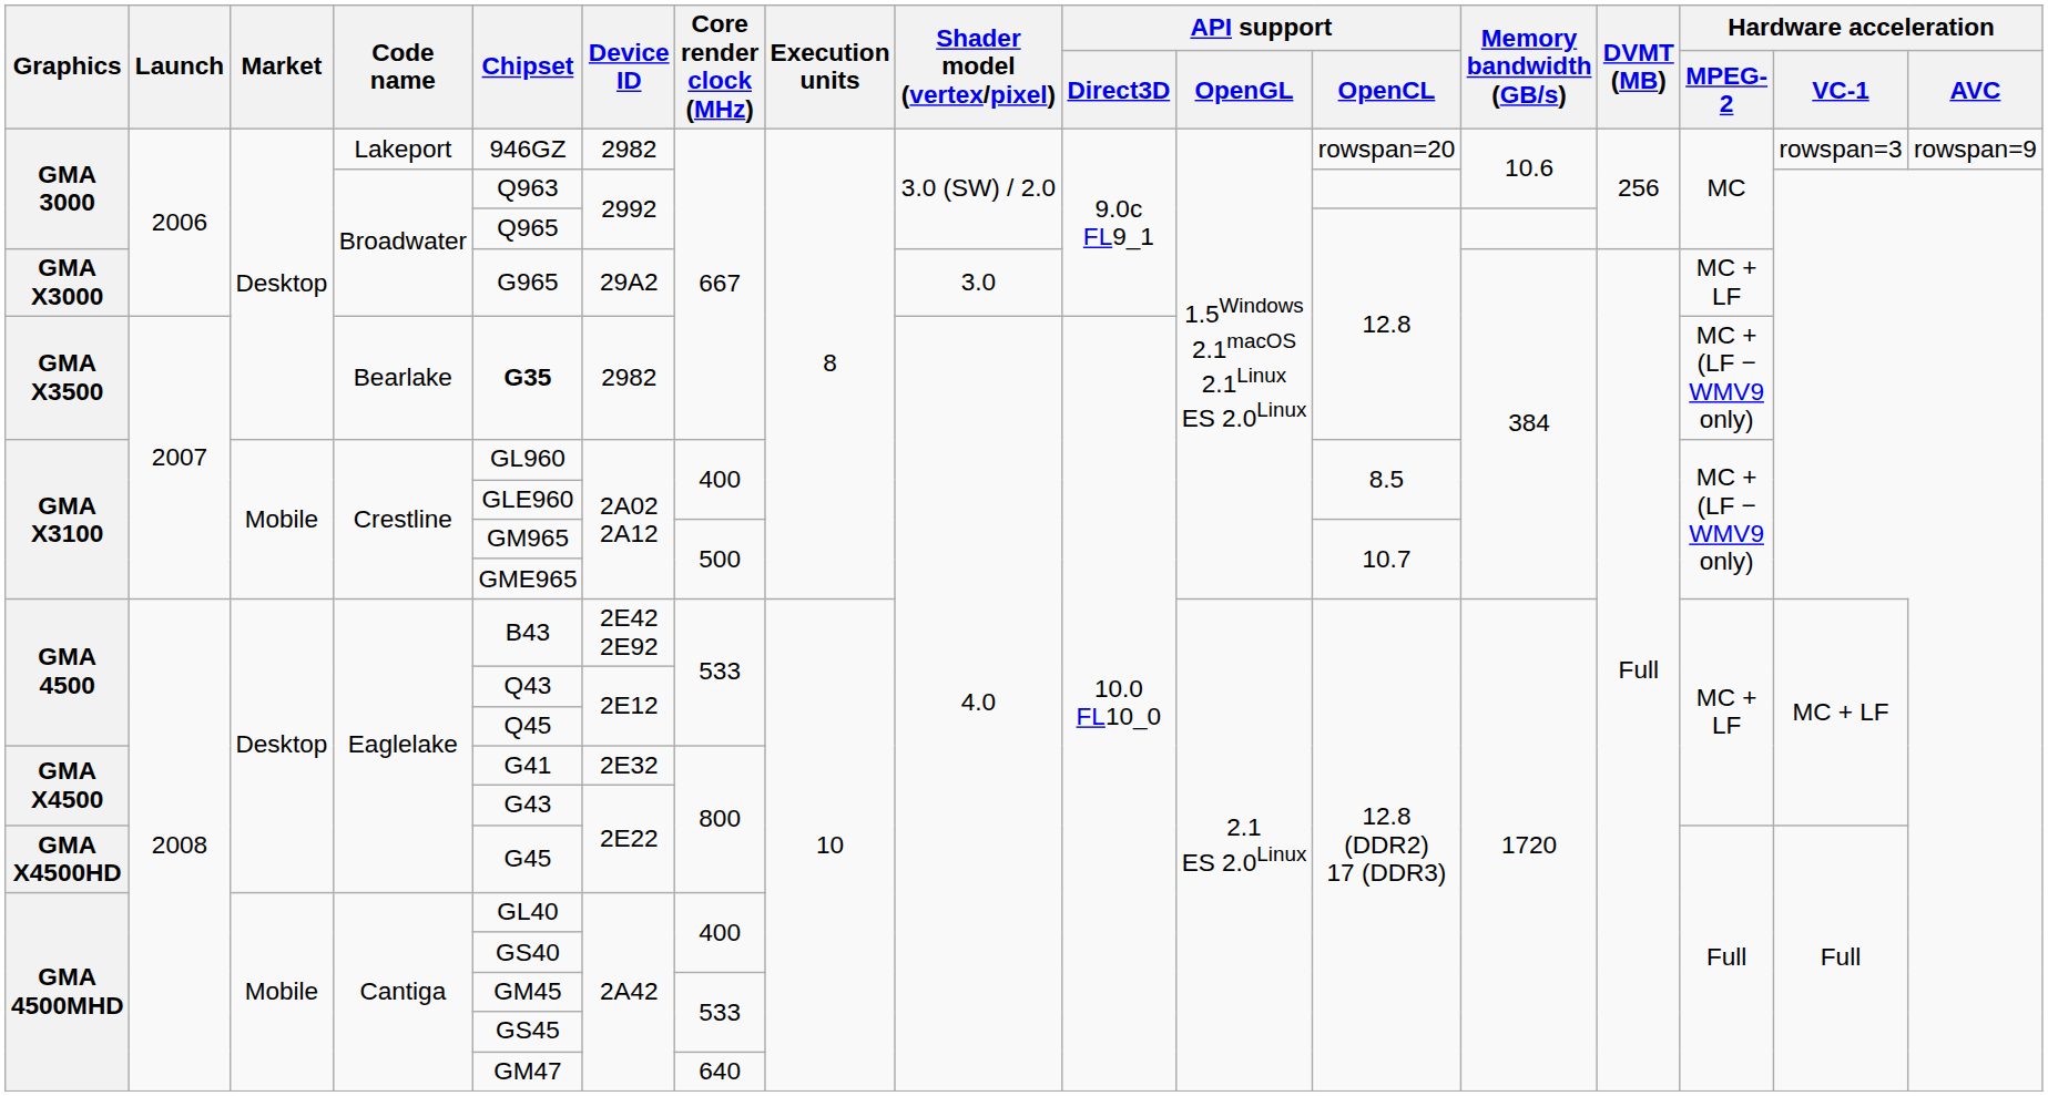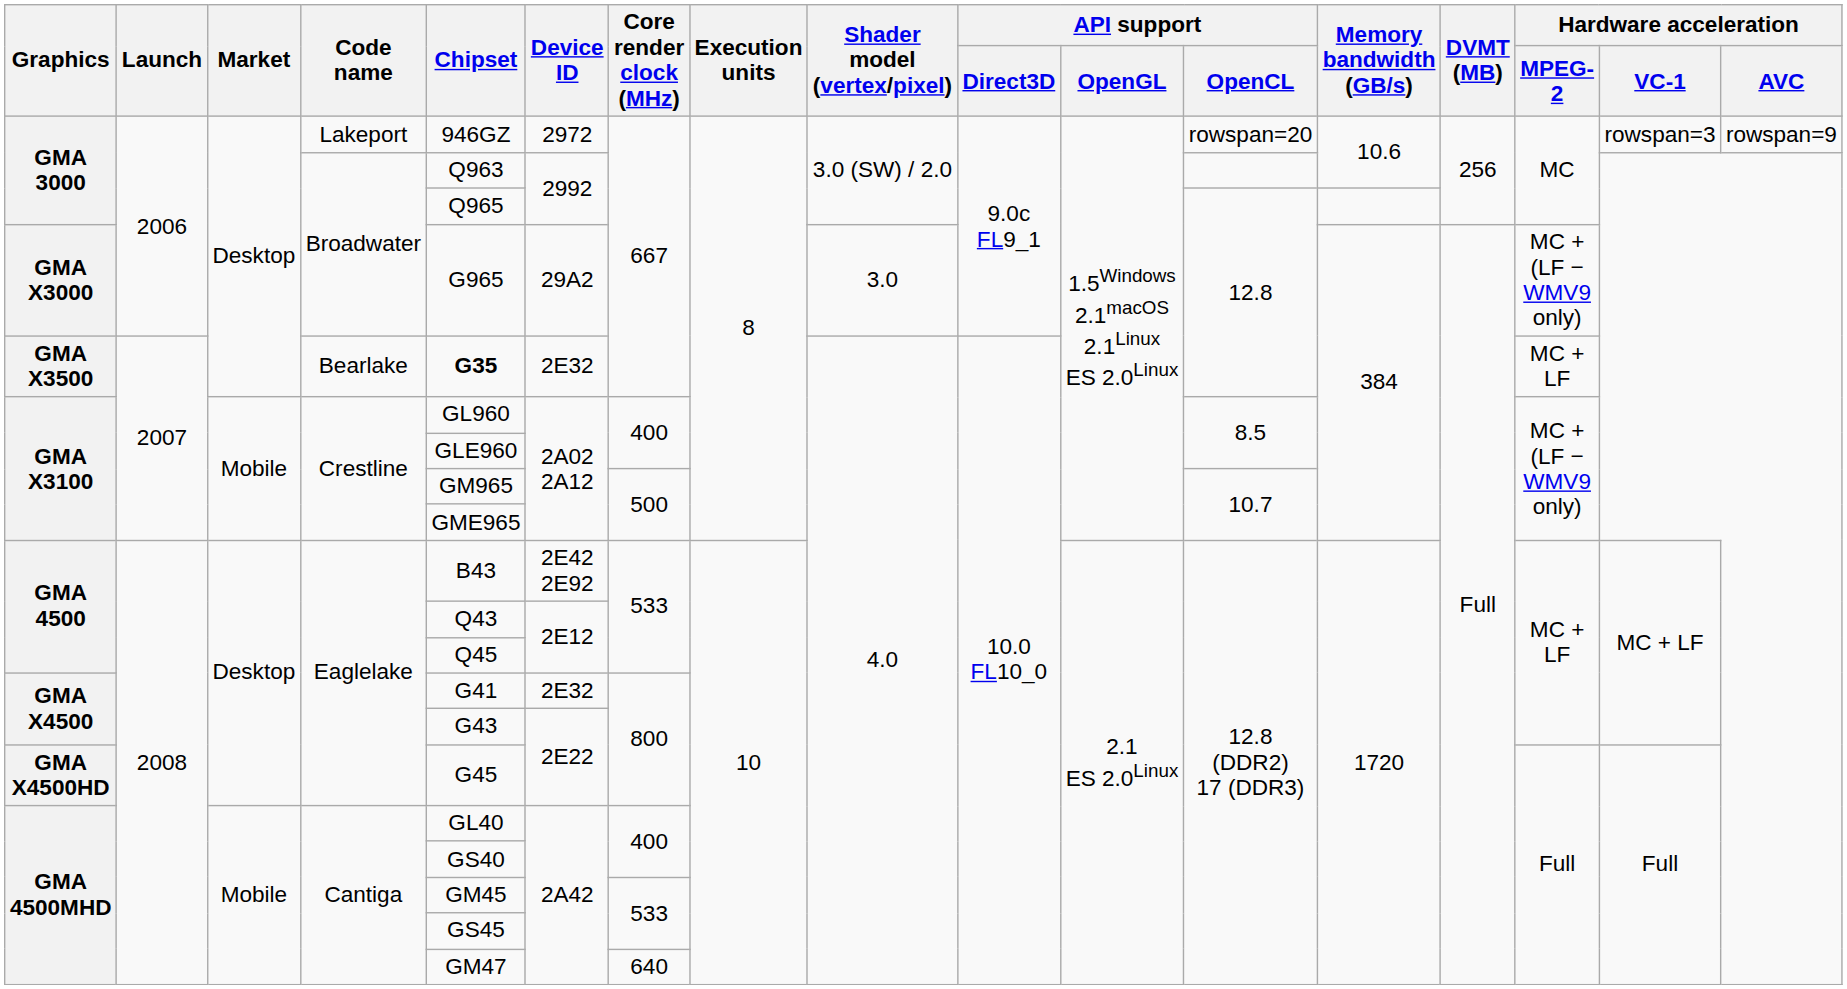 <table class="wikitable" style="text-align:center;">
 <tr>
 <th rowspan=2>Graphics</th>
 <th rowspan=2>Launch</th>
 <th rowspan=2>Market</th>
 <th rowspan="2">Code name</th>
 <th rowspan="2"><a href='#'>Chipset</a></th>
 <th rowspan="2"><a href='#'>Device<br>ID</a></th>
 <th rowspan="2">Core render<br><a href='#'>clock</a> (<a href='#'>MHz</a>)</th>
 <th rowspan=2>Execution <br>units</th>
 <th rowspan=2><a href='#'>Shader</a> model<br>(<a href='#'>vertex</a>/<a href='#'>pixel</a>)</th>
 <th colspan=3><a href='#'>API</a> support</th>
 <th rowspan=2><a href='#'>Memory<br>bandwidth</a> <br>(<a href='#'>GB/s</a>)</th>
 <th rowspan=2><a href='#'>DVMT</a> <br>(<a href='#'>MB</a>)</th>
 <th colspan=3>Hardware acceleration</th>
 </tr>
 <tr>
 <th><a href='#'>Direct3D</a></th>
 <th><a href='#'>OpenGL</a></th>
 <th><a href='#'>OpenCL</a></th>
 <th><a href='#'>MPEG-2</a></th>
 <th><a href='#'>VC-1</a></th>
 <th><a href='#'>AVC</a></th>
 </tr>
 <tr>
 <th rowspan="3">GMA 3000</th>
 <td rowspan="4">2006</td>
 <td rowspan=5>Desktop</td>
 <td>Lakeport</td>
 <td>946GZ</td>
-<td>2982</td>
+<td>2972</td>
 <td rowspan=5>667</td>
 <td rowspan=9>8</td>
 <td rowspan=3>3.0 (SW) / 2.0</td>
 <td rowspan=4>9.0c <br> <a href='#'>FL</a>9_1</td>
 <td rowspan=9>1.5<sup>Windows</sup> <br> 2.1<sup>macOS</sup> <br> 2.1<sup>Linux</sup> <br> ES 2.0<sup>Linux</sup></td>
 <td>rowspan=20 </td>
 <td rowspan=2>10.6</td>
 <td rowspan=3>256</td>
 <td rowspan=3>MC</td>
 <td>rowspan=3 </td>
 <td>rowspan=9 </td>
 </tr>
 <tr>
 <td rowspan="3">Broadwater</td>
 <td>Q963</td>
 <td rowspan="2">2992</td>
 </tr>
 <tr>
 <td>Q965</td>
 <td rowspan=3>12.8</td>
 </tr>
 <tr>
 <th>GMA X3000</th>
 <td>G965</td>
 <td>29A2</td>
 <td>3.0</td>
 <td rowspan=6>384</td>
 <td rowspan=17>Full</td>
-<td>MC + LF</td>
+<td>MC + (LF −<br><a href='#'>WMV9</a> only)</td>
 </tr>
 <tr>
 <th>GMA X3500</th>
 <td rowspan="5">2007</td>
 <td>Bearlake</td>
 <td><strong>G35</strong></td>
-<td>2982</td>
+<td>2E32</td>
 <td rowspan=16>4.0</td>
 <td rowspan=16>10.0 <br> <a href='#'>FL</a>10_0</td>
-<td>MC + (LF −<br><a href='#'>WMV9</a> only)</td>
+<td>MC + LF</td>
 </tr>
 <tr>
 <th rowspan="4">GMA X3100</th>
 <td rowspan="4">Mobile</td>
 <td rowspan="4">Crestline</td>
 <td>GL960</td>
 <td rowspan="4">2A02<br>2A12</td>
 <td rowspan=2>400</td>
 <td rowspan=2>8.5</td>
 <td rowspan=4>MC + (LF −<br><a href='#'>WMV9</a> only)</td>
 </tr>
 <tr>
 <td>GLE960</td>
 </tr>
 <tr>
 <td>GM965</td>
 <td rowspan=2>500</td>
 <td rowspan=2>10.7</td>
 </tr>
 <tr>
 <td>GME965</td>
 </tr>
 <tr>
 <th rowspan="3">GMA 4500</th>
 <td rowspan="11">2008</td>
 <td rowspan=6>Desktop</td>
 <td rowspan="6">Eaglelake</td>
 <td>B43</td>
 <td>2E42<br>2E92</td>
 <td rowspan=3>533</td>
 <td rowspan=11>10</td>
 <td rowspan=11>2.1 <br> ES 2.0<sup>Linux</sup></td>
 <td rowspan=11>12.8 (DDR2)<br>17 (DDR3)</td>
 <td rowspan=11>1720</td>
 <td rowspan=5>MC + LF</td>
 <td rowspan=5>MC + LF</td>
 </tr>
 <tr>
 <td>Q43</td>
 <td rowspan=2>2E12</td>
 </tr>
 <tr>
 <td>Q45</td>
 </tr>
 <tr>
 <th rowspan="2">GMA X4500</th>
 <td>G41</td>
 <td>2E32</td>
 <td rowspan=3>800</td>
 </tr>
 <tr>
 <td>G43</td>
 <td rowspan=2>2E22</td>
 </tr>
 <tr>
 <th>GMA X4500HD</th>
 <td>G45</td>
 <td rowspan=6>Full</td>
 <td rowspan=6>Full</td>
 </tr>
 <tr>
 <th rowspan="5">GMA 4500MHD</th>
 <td rowspan="5">Mobile</td>
 <td rowspan="5">Cantiga</td>
 <td>GL40</td>
 <td rowspan="5">2A42</td>
 <td rowspan=2>400</td>
 </tr>
 <tr>
 <td>GS40</td>
 </tr>
 <tr>
 <td>GM45</td>
 <td rowspan=2>533</td>
 </tr>
 <tr>
 <td>GS45</td>
 </tr>
 <tr>
 <td>GM47</td>
 <td>640</td>
 </tr>
 </table>
